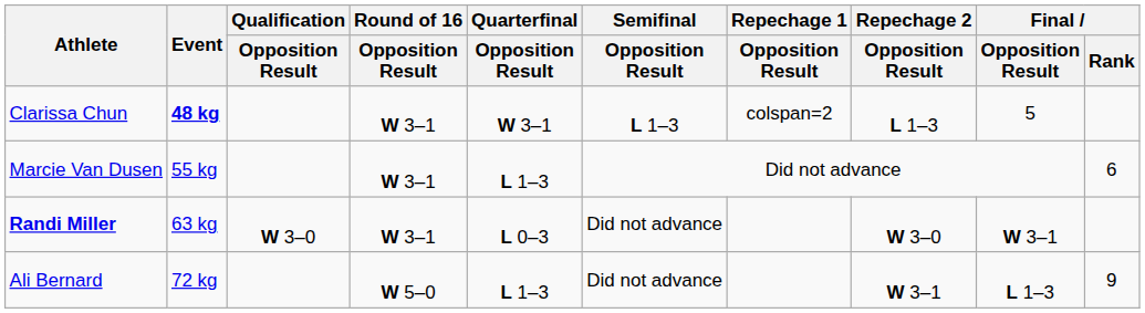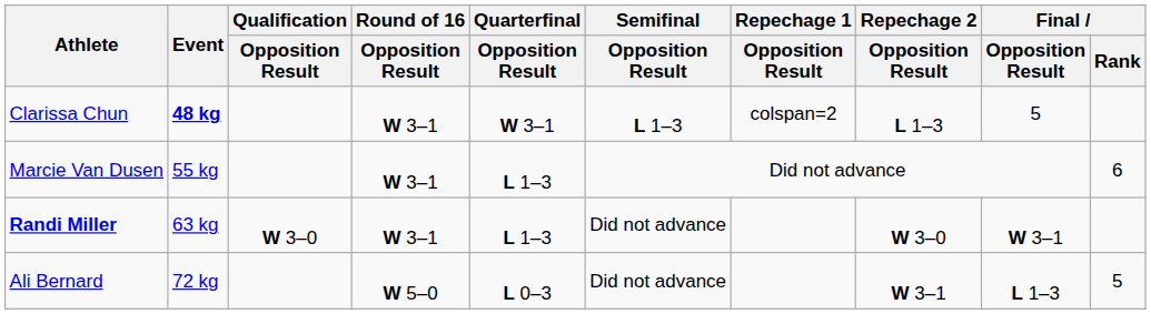 <table class=wikitable style=font-size:90%;text-align:center>
 <tr>
 <th rowspan=2>Athlete</th>
 <th rowspan=2>Event</th>
 <th>Qualification</th>
 <th>Round of 16</th>
 <th>Quarterfinal</th>
 <th>Semifinal</th>
 <th>Repechage 1</th>
 <th>Repechage 2</th>
 <th colspan=2>Final / </th>
 </tr>
 <tr style=font-size: 95%>
 <th>Opposition<br>Result</th>
 <th>Opposition<br>Result</th>
 <th>Opposition<br>Result</th>
 <th>Opposition<br>Result</th>
 <th>Opposition<br>Result</th>
 <th>Opposition<br>Result</th>
 <th>Opposition<br>Result</th>
 <th>Rank</th>
 </tr>
 <tr>
 <td align=left><a href='#'>Clarissa Chun</a></td>
 <td align=left><strong><a href='#'>48 kg</a></strong></td>
 <td></td>
 <td><br><strong>W</strong> 3–1 <sup></sup></td>
 <td><br><strong>W</strong> 3–1 <sup></sup></td>
 <td><br><strong>L</strong> 1–3 <sup></sup></td>
 <td>colspan=2 </td>
 <td><br><strong>L</strong> 1–3 <sup></sup></td>
 <td>5</td>
 </tr>
 <tr>
 <td align=left><a href='#'>Marcie Van Dusen</a></td>
 <td align=left><a href='#'>55 kg</a></td>
 <td></td>
 <td><br><strong>W</strong> 3–1 <sup></sup></td>
 <td><br><strong>L</strong> 1–3 <sup></sup></td>
 <td colspan=4>Did not advance</td>
 <td>6</td>
 </tr>
 <tr>
 <td align=left><strong><a href='#'>Randi Miller</a></strong></td>
 <td align=left><a href='#'>63 kg</a></td>
 <td><br><strong>W</strong> 3–0 <sup></sup></td>
 <td><br><strong>W</strong> 3–1 <sup></sup></td>
-<td><br><strong>L</strong> 0–3 <sup></sup></td>
+<td><br><strong>L</strong> 1–3 <sup></sup></td>
 <td>Did not advance</td>
 <td></td>
 <td><br><strong>W</strong> 3–0 <sup></sup></td>
 <td><br><strong>W</strong> 3–1 <sup></sup></td>
 <td></td>
 </tr>
 <tr>
 <td align=left><a href='#'>Ali Bernard</a></td>
 <td align=left><a href='#'>72 kg</a></td>
 <td></td>
 <td><br><strong>W</strong> 5–0 <sup></sup></td>
-<td><br><strong>L</strong> 1–3 <sup></sup></td>
+<td><br><strong>L</strong> 0–3 <sup></sup></td>
 <td>Did not advance</td>
 <td></td>
 <td><br><strong>W</strong> 3–1 <sup></sup></td>
 <td><br><strong>L</strong> 1–3 <sup></sup></td>
-<td>9</td>
+<td>5</td>
 </tr>
 </table>
